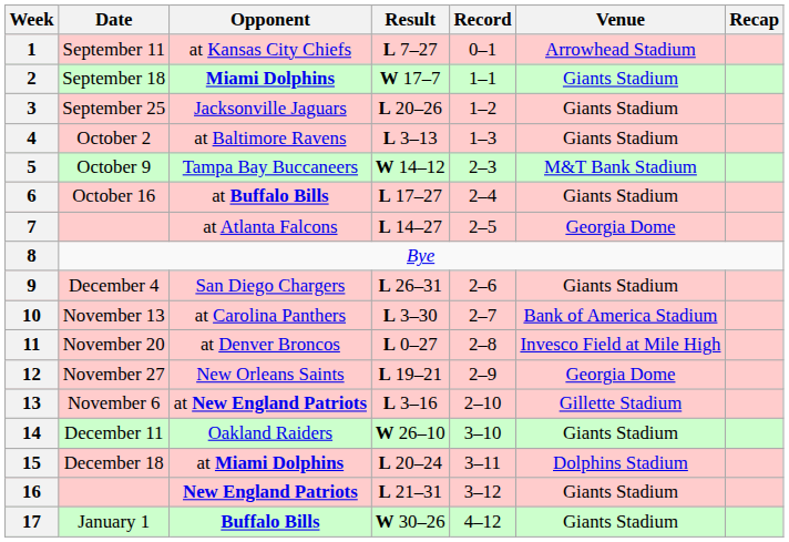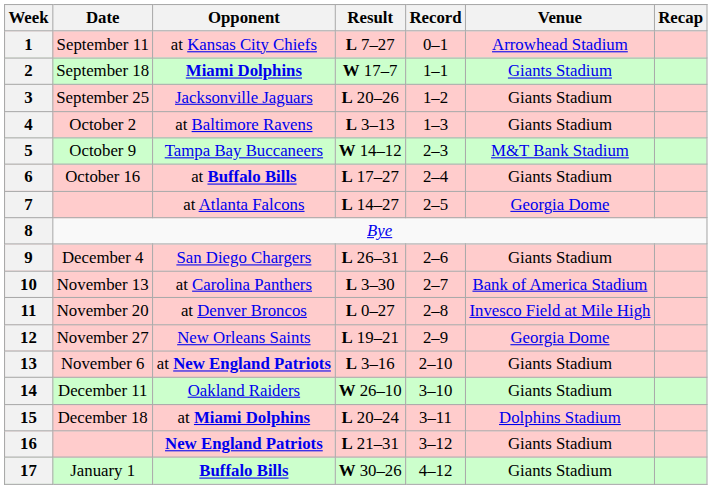 <table class="wikitable"style="text-align:center">
 <tr>
 <th>Week</th>
 <th>Date</th>
 <th>Opponent</th>
 <th>Result</th>
 <th>Record</th>
 <th>Venue</th>
 <th>Recap</th>
 </tr>
 <tr style="background:#fcc">
 <th>1</th>
 <td>September 11</td>
 <td>at <a href='#'>Kansas City Chiefs</a></td>
 <td><strong>L</strong> 7–27</td>
 <td>0–1</td>
 <td><a href='#'>Arrowhead Stadium</a></td>
 <td></td>
 </tr>
 <tr style="background:#cfc">
 <th>2</th>
 <td>September 18</td>
 <td><strong><a href='#'>Miami Dolphins</a></strong></td>
 <td><strong>W</strong> 17–7</td>
 <td>1–1</td>
 <td><a href='#'>Giants Stadium</a></td>
 <td></td>
 </tr>
 <tr style="background:#fcc">
 <th>3</th>
 <td>September 25</td>
 <td><a href='#'>Jacksonville Jaguars</a></td>
 <td><strong>L</strong> 20–26 </td>
 <td>1–2</td>
 <td>Giants Stadium</td>
 <td></td>
 </tr>
 <tr style="background:#fcc">
 <th>4</th>
 <td>October 2</td>
 <td>at <a href='#'>Baltimore Ravens</a></td>
 <td><strong>L</strong> 3–13</td>
 <td>1–3</td>
 <td>Giants Stadium</td>
 <td></td>
 </tr>
 <tr style="background:#cfc">
 <th>5</th>
 <td>October 9</td>
 <td><a href='#'>Tampa Bay Buccaneers</a></td>
 <td><strong>W</strong> 14–12</td>
 <td>2–3</td>
 <td><a href='#'>M&T Bank Stadium</a></td>
 <td></td>
 </tr>
 <tr style="background:#fcc">
 <th>6</th>
 <td>October 16</td>
 <td>at <strong><a href='#'>Buffalo Bills</a></strong></td>
 <td><strong>L</strong> 17–27</td>
 <td>2–4</td>
 <td>Giants Stadium</td>
 <td></td>
 </tr>
 <tr style="background:#fcc">
 <th>7</th>
 <td></td>
 <td>at <a href='#'>Atlanta Falcons</a></td>
 <td><strong>L</strong> 14–27</td>
 <td>2–5</td>
 <td><a href='#'>Georgia Dome</a></td>
 <td></td>
 </tr>
 <tr>
 <th>8</th>
 <td colspan="6"><em><a href='#'>Bye</a></em></td>
 </tr>
 <tr style="background:#fcc">
 <th>9</th>
 <td>December 4</td>
 <td><a href='#'>San Diego Chargers</a></td>
 <td><strong>L</strong> 26–31</td>
 <td>2–6</td>
 <td>Giants Stadium</td>
 <td></td>
 </tr>
 <tr style="background:#fcc">
 <th>10</th>
 <td>November 13</td>
 <td>at <a href='#'>Carolina Panthers</a></td>
 <td><strong>L</strong> 3–30</td>
 <td>2–7</td>
 <td><a href='#'>Bank of America Stadium</a></td>
 <td></td>
 </tr>
 <tr style="background:#fcc">
 <th>11</th>
 <td>November 20</td>
 <td>at <a href='#'>Denver Broncos</a></td>
 <td><strong>L</strong> 0–27</td>
 <td>2–8</td>
 <td><a href='#'>Invesco Field at Mile High</a></td>
 <td></td>
 </tr>
 <tr style="background:#fcc">
 <th>12</th>
 <td>November 27</td>
 <td><a href='#'>New Orleans Saints</a></td>
 <td><strong>L</strong> 19–21</td>
 <td>2–9</td>
 <td><a href='#'>Georgia Dome</a></td>
 <td></td>
 </tr>
 <tr style="background:#fcc">
 <th>13</th>
 <td>November 6</td>
 <td>at <strong><a href='#'>New England Patriots</a></strong></td>
 <td><strong>L</strong> 3–16</td>
 <td>2–10</td>
-<td><a href='#'>Gillette Stadium</a></td>
+<td>Giants Stadium</td>
 <td></td>
 </tr>
 <tr style="background:#cfc">
 <th>14</th>
 <td>December 11</td>
 <td><a href='#'>Oakland Raiders</a></td>
 <td><strong>W</strong> 26–10</td>
 <td>3–10</td>
 <td>Giants Stadium</td>
 <td></td>
 </tr>
 <tr style="background:#fcc">
 <th>15</th>
 <td>December 18</td>
 <td>at <strong><a href='#'>Miami Dolphins</a></strong></td>
 <td><strong>L</strong> 20–24</td>
 <td>3–11</td>
 <td><a href='#'>Dolphins Stadium</a></td>
 <td></td>
 </tr>
 <tr style="background:#fcc">
 <th>16</th>
 <td></td>
 <td><strong><a href='#'>New England Patriots</a></strong></td>
 <td><strong>L</strong> 21–31</td>
 <td>3–12</td>
 <td>Giants Stadium</td>
 <td></td>
 </tr>
 <tr style="background:#cfc">
 <th>17</th>
 <td>January 1</td>
 <td><strong><a href='#'>Buffalo Bills</a></strong></td>
 <td><strong>W</strong> 30–26</td>
 <td>4–12</td>
 <td>Giants Stadium</td>
 <td></td>
 </tr>
 </table>
